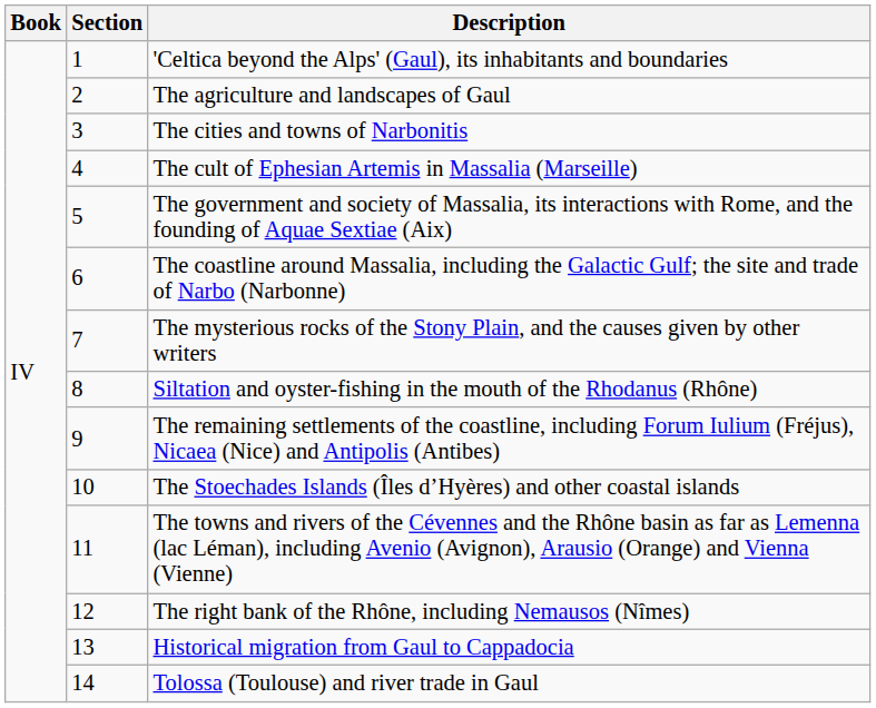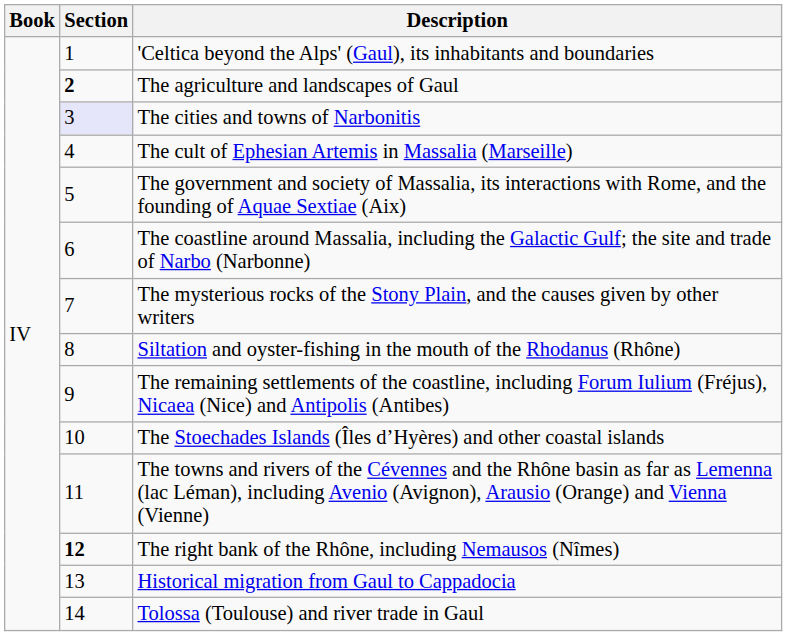 <table class="wikitable" style="max-width:45em;">
 <tr>
 <th>Book</th>
 <th>Section</th>
 <th>Description</th>
 </tr>
 <tr>
 <td rowspan="15">IV</td>
 <td>1</td>
 <td>'Celtica beyond the Alps' (<a href='#'>Gaul</a>), its inhabitants and boundaries</td>
 </tr>
 <tr>
-<td>2</td>
+<td><strong>2</strong></td>
 <td>The agriculture and landscapes of Gaul</td>
 </tr>
 <tr>
-<td>3</td>
+<td style="background: lavender;">3</td>
 <td>The cities and towns of <a href='#'>Narbonitis</a></td>
 </tr>
 <tr>
 <td>4</td>
 <td>The cult of <a href='#'>Ephesian Artemis</a> in <a href='#'>Massalia</a> (<a href='#'>Marseille</a>)</td>
 </tr>
 <tr>
 <td>5</td>
 <td>The government and society of Massalia, its interactions with Rome, and the founding of <a href='#'>Aquae Sextiae</a> (Aix)</td>
 </tr>
 <tr>
 <td>6</td>
 <td>The coastline around Massalia, including the <a href='#'>Galactic Gulf</a>; the site and trade of <a href='#'>Narbo</a> (Narbonne)</td>
 </tr>
 <tr>
 <td>7</td>
 <td>The mysterious rocks of the <a href='#'>Stony Plain</a>, and the causes given by other writers</td>
 </tr>
 <tr>
 <td>8</td>
 <td><a href='#'>Siltation</a> and oyster-fishing in the mouth of the <a href='#'>Rhodanus</a> (Rhône)</td>
 </tr>
 <tr>
 <td>9</td>
 <td>The remaining settlements of the coastline, including <a href='#'>Forum Iulium</a> (Fréjus), <a href='#'>Nicaea</a> (Nice) and <a href='#'>Antipolis</a> (Antibes)</td>
 </tr>
 <tr>
 <td>10</td>
 <td>The <a href='#'>Stoechades Islands</a> (Îles d’Hyères) and other coastal islands</td>
 </tr>
 <tr>
 <td>11</td>
 <td>The towns and rivers of the <a href='#'>Cévennes</a> and the Rhône basin as far as <a href='#'>Lemenna</a> (lac Léman), including <a href='#'>Avenio</a> (Avignon), <a href='#'>Arausio</a> (Orange) and <a href='#'>Vienna</a> (Vienne)</td>
 </tr>
 <tr>
-<td>12</td>
+<td><strong>12</strong></td>
 <td>The right bank of the Rhône, including <a href='#'>Nemausos</a> (Nîmes)</td>
 </tr>
 <tr>
 <td>13</td>
 <td><a href='#'>Historical migration from Gaul to Cappadocia</a></td>
 </tr>
 <tr>
 <td>14</td>
 <td><a href='#'>Tolossa</a> (Toulouse) and river trade in Gaul</td>
 </tr>
 </table>
